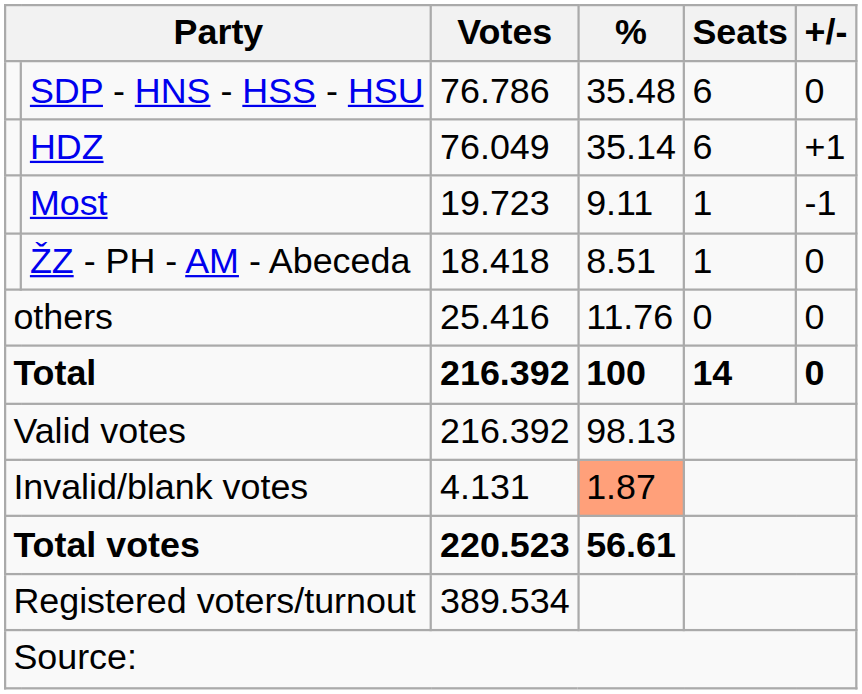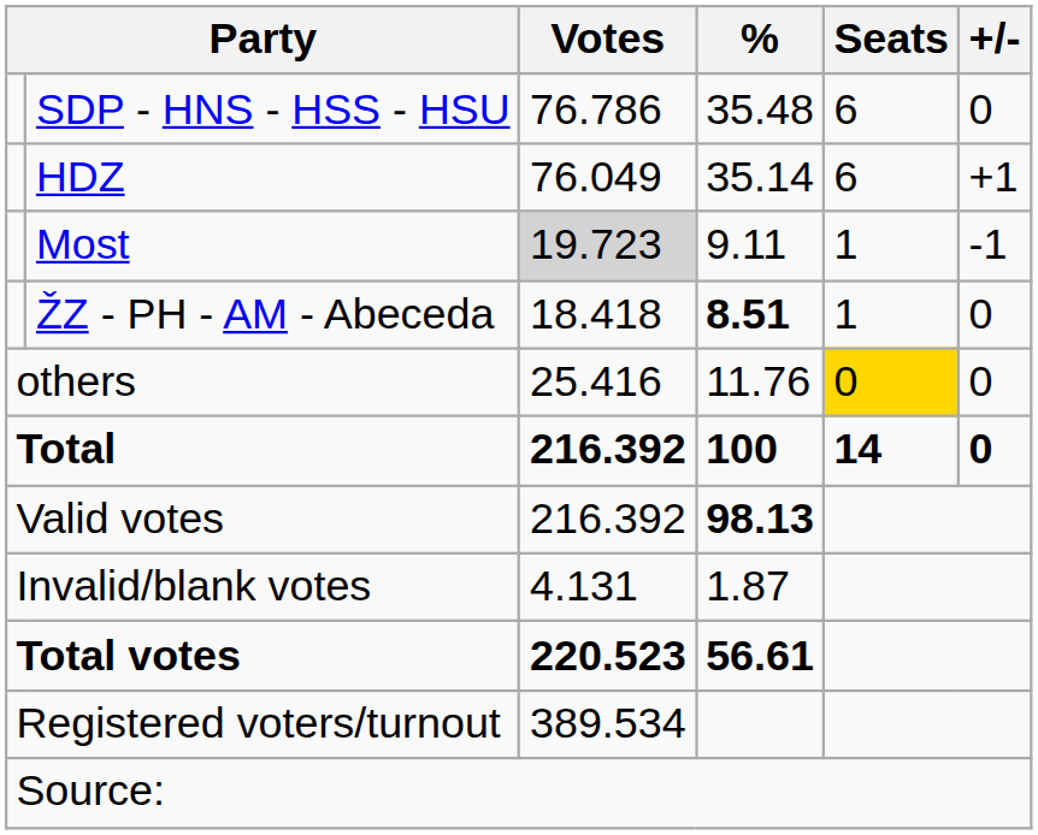 <table class="wikitable" style="text-align: left;">
 <tr>
 <th colspan="2">Party</th>
 <th>Votes</th>
 <th>%</th>
 <th>Seats</th>
 <th>+/-</th>
 </tr>
 <tr>
 <td style="background-color: "></td>
 <td><a href='#'>SDP</a> - <a href='#'>HNS</a> - <a href='#'>HSS</a> - <a href='#'>HSU</a></td>
 <td>76.786</td>
 <td>35.48</td>
 <td>6</td>
 <td>0</td>
 </tr>
 <tr>
 <td style="background-color: "></td>
 <td><a href='#'>HDZ</a></td>
 <td>76.049</td>
 <td>35.14</td>
 <td>6</td>
 <td>+1</td>
 </tr>
 <tr>
 <td style="background-color: "></td>
 <td><a href='#'>Most</a></td>
-<td>19.723</td>
+<td style="background: lightgrey;">19.723</td>
 <td>9.11</td>
 <td>1</td>
 <td>-1</td>
 </tr>
 <tr>
 <td style="background-color: "></td>
 <td><a href='#'>ŽZ</a> - PH - <a href='#'>AM</a> - Abeceda</td>
 <td>18.418</td>
-<td>8.51</td>
+<td><strong>8.51</strong></td>
 <td>1</td>
 <td>0</td>
 </tr>
 <tr>
 <td colspan="2">others</td>
 <td>25.416</td>
 <td>11.76</td>
-<td>0</td>
+<td style="background: gold;">0</td>
 <td>0</td>
 </tr>
 <tr>
 <td colspan="2"><strong>Total</strong></td>
 <td><strong>216.392</strong></td>
 <td><strong>100</strong></td>
 <td><strong>14</strong></td>
 <td><strong>0</strong></td>
 </tr>
 <tr>
 <td colspan="2">Valid votes</td>
 <td>216.392</td>
-<td>98.13</td>
+<td><strong>98.13</strong></td>
 <td colspan="2"></td>
 </tr>
 <tr>
 <td colspan="2">Invalid/blank votes</td>
 <td>4.131</td>
-<td style="background: lightsalmon;">1.87</td>
+<td>1.87</td>
 <td colspan="2"></td>
 </tr>
 <tr>
 <td colspan="2"><strong>Total votes</strong></td>
 <td><strong>220.523</strong></td>
 <td><strong>56.61</strong></td>
 <td colspan="2"></td>
 </tr>
 <tr>
 <td colspan="2">Registered voters/turnout</td>
 <td votes14="5343">389.534</td>
 <td></td>
 <td colspan="2"></td>
 </tr>
 <tr>
 <td colspan="6">Source: </td>
 </tr>
 </table>
